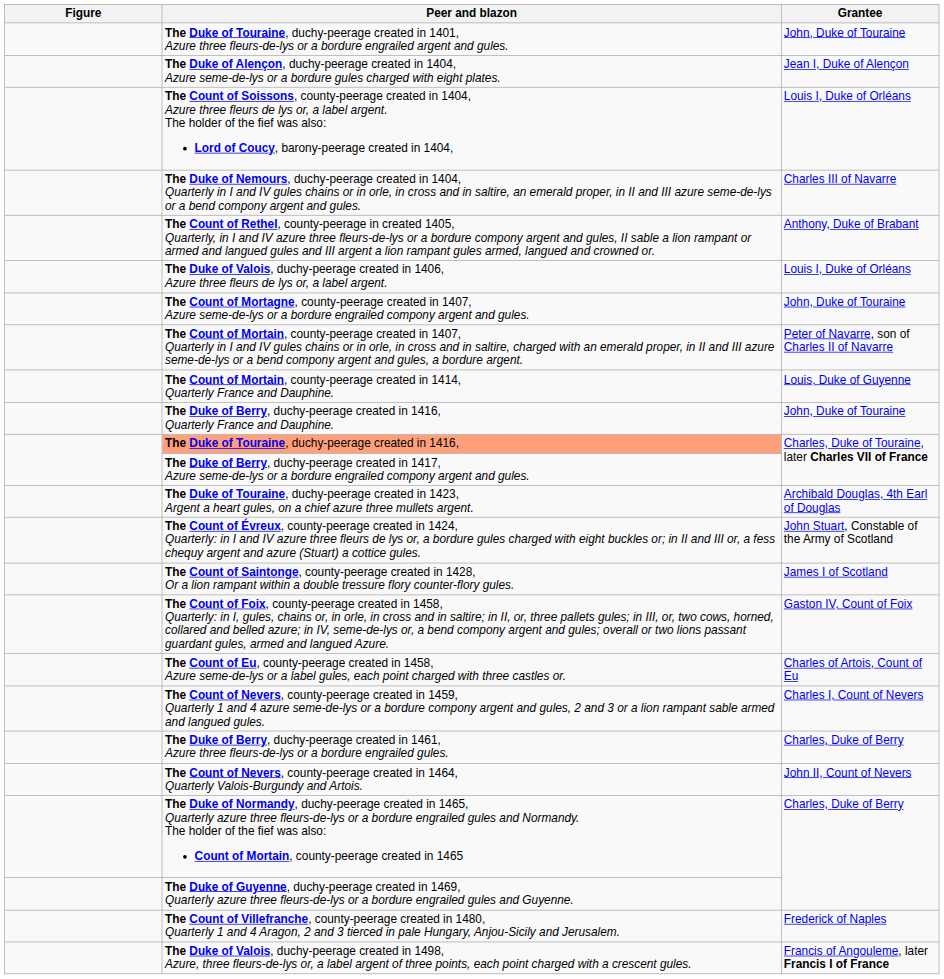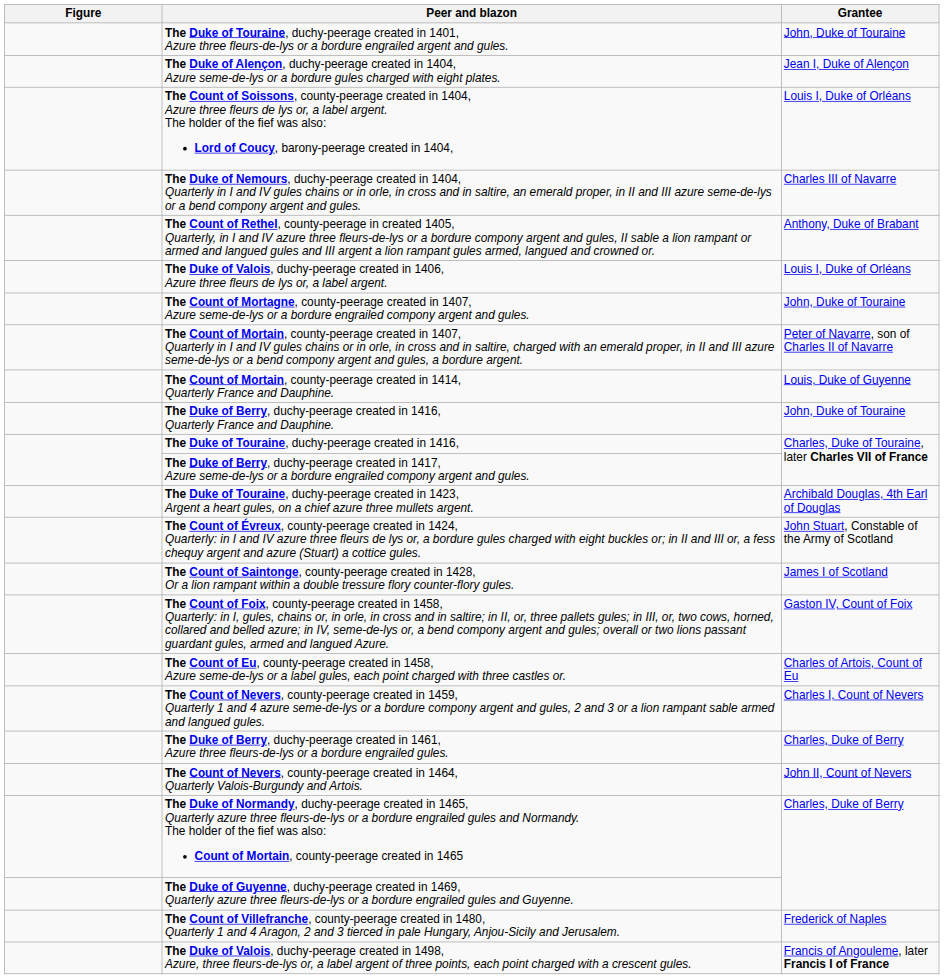 <table class="wikitable" width="100%">
 <tr>
 <th width="206">Figure</th>
 <th>Peer and blazon</th>
 <th width="206">Grantee</th>
 </tr>
 <tr valign="top">
 <td align="center"></td>
 <td><strong>The <a href='#'>Duke of Touraine</a></strong>, duchy-peerage created in 1401,<br><em>Azure three fleurs-de-lys or a bordure engrailed argent and gules.</em></td>
 <td><a href='#'>John, Duke of Touraine</a></td>
 </tr>
 <tr valign="top">
 <td align="center"></td>
 <td><strong>The <a href='#'>Duke of Alençon</a></strong>, duchy-peerage created in 1404,<br><em>Azure seme-de-lys or a bordure gules charged with eight plates.</em></td>
 <td><a href='#'>Jean I, Duke of Alençon</a></td>
 </tr>
 <tr valign="top">
 <td align="center"></td>
 <td><strong>The <a href='#'>Count of Soissons</a></strong>, county-peerage created in 1404,<br><em>Azure three fleurs de lys or, a label argent.</em><br>The holder of the fief was also:<ul><li><strong><a href='#'>Lord of Coucy</a></strong>, barony-peerage created in 1404,</li></ul></td>
 <td><a href='#'>Louis I, Duke of Orléans</a></td>
 </tr>
 <tr valign="top">
 <td align="center"></td>
 <td><strong>The <a href='#'>Duke of Nemours</a></strong>, duchy-peerage created in 1404,<br><em>Quarterly in I and IV gules chains or in orle, in cross and in saltire, an emerald proper, in II and III azure seme-de-lys or a bend compony argent and gules.</em></td>
 <td><a href='#'>Charles III of Navarre</a></td>
 </tr>
 <tr valign="top">
 <td align="center"></td>
 <td><strong>The <a href='#'>Count of Rethel</a></strong>, county-peerage in created 1405,<br><em>Quarterly, in I and IV azure three fleurs-de-lys or a bordure compony argent and gules, II sable a lion rampant or armed and langued gules and III argent a lion rampant gules armed, langued and crowned or.</em></td>
 <td><a href='#'>Anthony, Duke of Brabant</a></td>
 </tr>
 <tr valign="top">
 <td align="center"></td>
 <td><strong>The <a href='#'>Duke of Valois</a></strong>, duchy-peerage created in 1406,<br><em>Azure three fleurs de lys or, a label argent.</em></td>
 <td><a href='#'>Louis I, Duke of Orléans</a></td>
 </tr>
 <tr valign="top">
 <td align="center"></td>
 <td><strong>The <a href='#'>Count of Mortagne</a></strong>, county-peerage created in 1407,<br><em>Azure seme-de-lys or a bordure engrailed compony argent and gules.</em></td>
 <td><a href='#'>John, Duke of Touraine</a></td>
 </tr>
 <tr valign="top">
 <td align="center"></td>
 <td><strong>The <a href='#'>Count of Mortain</a></strong>, county-peerage created in 1407,<br><em>Quarterly in I and IV gules chains or in orle, in cross and in saltire, charged with an emerald proper, in II and III azure seme-de-lys or a bend compony argent and gules, a bordure argent.</em></td>
 <td><a href='#'>Peter of Navarre</a>, son of <a href='#'>Charles II of Navarre</a></td>
 </tr>
 <tr valign="top">
 <td align="center"></td>
 <td><strong>The <a href='#'>Count of Mortain</a></strong>, county-peerage created in 1414,<br><em>Quarterly France and Dauphine.</em></td>
 <td><a href='#'>Louis, Duke of Guyenne</a></td>
 </tr>
 <tr valign="top">
 <td align="center"></td>
 <td><strong>The <a href='#'>Duke of Berry</a></strong>, duchy-peerage created in 1416,<br><em>Quarterly France and Dauphine.</em></td>
 <td><a href='#'>John, Duke of Touraine</a></td>
 </tr>
 <tr valign="top">
 <td align="center" rowspan=2></td>
-<td style="background: lightsalmon;"><strong>The <a href='#'>Duke of Touraine</a></strong>, duchy-peerage created in 1416,</td>
+<td><strong>The <a href='#'>Duke of Touraine</a></strong>, duchy-peerage created in 1416,</td>
 <td rowspan=2><a href='#'>Charles, Duke of Touraine</a>, later <strong>Charles VII of France</strong></td>
 </tr>
 <tr valign="top">
 <td><strong>The <a href='#'>Duke of Berry</a></strong>, duchy-peerage created in 1417,<br><em>Azure seme-de-lys or a bordure engrailed compony argent and gules.</em></td>
 </tr>
 <tr valign="top">
 <td align="center"></td>
 <td><strong>The <a href='#'>Duke of Touraine</a></strong>, duchy-peerage created in 1423,<br><em>Argent a heart gules, on a chief azure three mullets argent.</em></td>
 <td><a href='#'>Archibald Douglas, 4th Earl of Douglas</a></td>
 </tr>
 <tr valign="top">
 <td align="center"></td>
 <td><strong>The <a href='#'>Count of Évreux</a></strong>, county-peerage created in 1424,<br><em>Quarterly: in I and IV azure three fleurs de lys or, a bordure gules charged with eight buckles or; in II and III or, a fess chequy argent and azure (Stuart) a cottice gules.</em></td>
 <td><a href='#'>John Stuart</a>, Constable of the Army of Scotland</td>
 </tr>
 <tr valign="top">
 <td align="center"></td>
 <td><strong>The <a href='#'>Count of Saintonge</a></strong>, county-peerage created in 1428,<br><em>Or a lion rampant within a double tressure flory counter-flory gules.</em></td>
 <td><a href='#'>James I of Scotland</a></td>
 </tr>
 <tr valign="top">
 <td align="center"></td>
 <td><strong>The <a href='#'>Count of Foix</a></strong>, county-peerage created in 1458,<br><em>Quarterly: in I, gules, chains or, in orle, in cross and in saltire; in II, or, three pallets gules; in III, or, two cows, horned, collared and belled azure; in IV, seme-de-lys or, a bend compony argent and gules; overall or two lions passant guardant gules, armed and langued Azure.</em></td>
 <td><a href='#'>Gaston IV, Count of Foix</a></td>
 </tr>
 <tr valign="top">
 <td align="center"></td>
 <td><strong>The <a href='#'>Count of Eu</a></strong>, county-peerage created in 1458,<br><em>Azure seme-de-lys or a label gules, each point charged with three castles or.</em></td>
 <td><a href='#'>Charles of Artois, Count of Eu</a></td>
 </tr>
 <tr valign="top">
 <td align="center"></td>
 <td><strong>The <a href='#'>Count of Nevers</a></strong>, county-peerage created in 1459,<br><em>Quarterly 1 and 4 azure seme-de-lys or a bordure compony argent and gules, 2 and 3 or a lion rampant sable armed and langued gules.</em></td>
 <td><a href='#'>Charles I, Count of Nevers</a></td>
 </tr>
 <tr valign="top">
 <td align="center"></td>
 <td><strong>The <a href='#'>Duke of Berry</a></strong>, duchy-peerage created in 1461,<br><em>Azure three fleurs-de-lys or a bordure engrailed gules.</em></td>
 <td><a href='#'>Charles, Duke of Berry</a></td>
 </tr>
 <tr valign="top">
 <td align="center"></td>
 <td><strong>The <a href='#'>Count of Nevers</a></strong>, county-peerage created in 1464,<br><em>Quarterly Valois-Burgundy and Artois.</em></td>
 <td><a href='#'>John II, Count of Nevers</a></td>
 </tr>
 <tr valign="top">
 <td align="center"></td>
 <td><strong>The <a href='#'>Duke of Normandy</a></strong>, duchy-peerage created in 1465,<br><em>Quarterly azure three fleurs-de-lys or a bordure engrailed gules and Normandy.</em><br>The holder of the fief was also:<ul><li><strong><a href='#'>Count of Mortain</a></strong>, county-peerage created in 1465</li></ul></td>
 <td rowspan=2><a href='#'>Charles, Duke of Berry</a></td>
 </tr>
 <tr valign="top">
 <td align="center"></td>
 <td><strong>The <a href='#'>Duke of Guyenne</a></strong>, duchy-peerage created in 1469,<br><em>Quarterly azure three fleurs-de-lys or a bordure engrailed gules and Guyenne.</em></td>
 </tr>
 <tr valign="top">
 <td align="center"></td>
 <td><strong>The <a href='#'>Count of Villefranche</a></strong>, county-peerage created in 1480,<br><em>Quarterly 1 and 4 Aragon, 2 and 3 tierced in pale Hungary, Anjou-Sicily and Jerusalem.</em></td>
 <td><a href='#'>Frederick of Naples</a></td>
 </tr>
 <tr valign="top">
 <td align="center"></td>
 <td><strong>The <a href='#'>Duke of Valois</a></strong>, duchy-peerage created in 1498,<br><em>Azure, three fleurs-de-lys or, a label argent of three points, each point charged with a crescent gules.</em></td>
 <td><a href='#'>Francis of Angouleme</a>, later <strong>Francis I of France</strong></td>
 </tr>
 </table>
